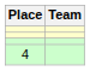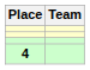 <table class="wikitable">
 <tr>
 <th>Place</th>
 <th>Team</th>
 </tr>
 <tr bgcolor=#ffffcc>
 <td align=center></td>
 <td></td>
 </tr>
 <tr bgcolor=#ffffcc>
 <td align=center></td>
 <td></td>
 </tr>
 <tr bgcolor=#ccffcc>
 <td align=center></td>
 <td></td>
 </tr>
 <tr bgcolor=#ccffcc>
-<td align=center>4</td>
+<td align=center><strong>4</strong></td>
 <td></td>
 </tr>
 </table>
